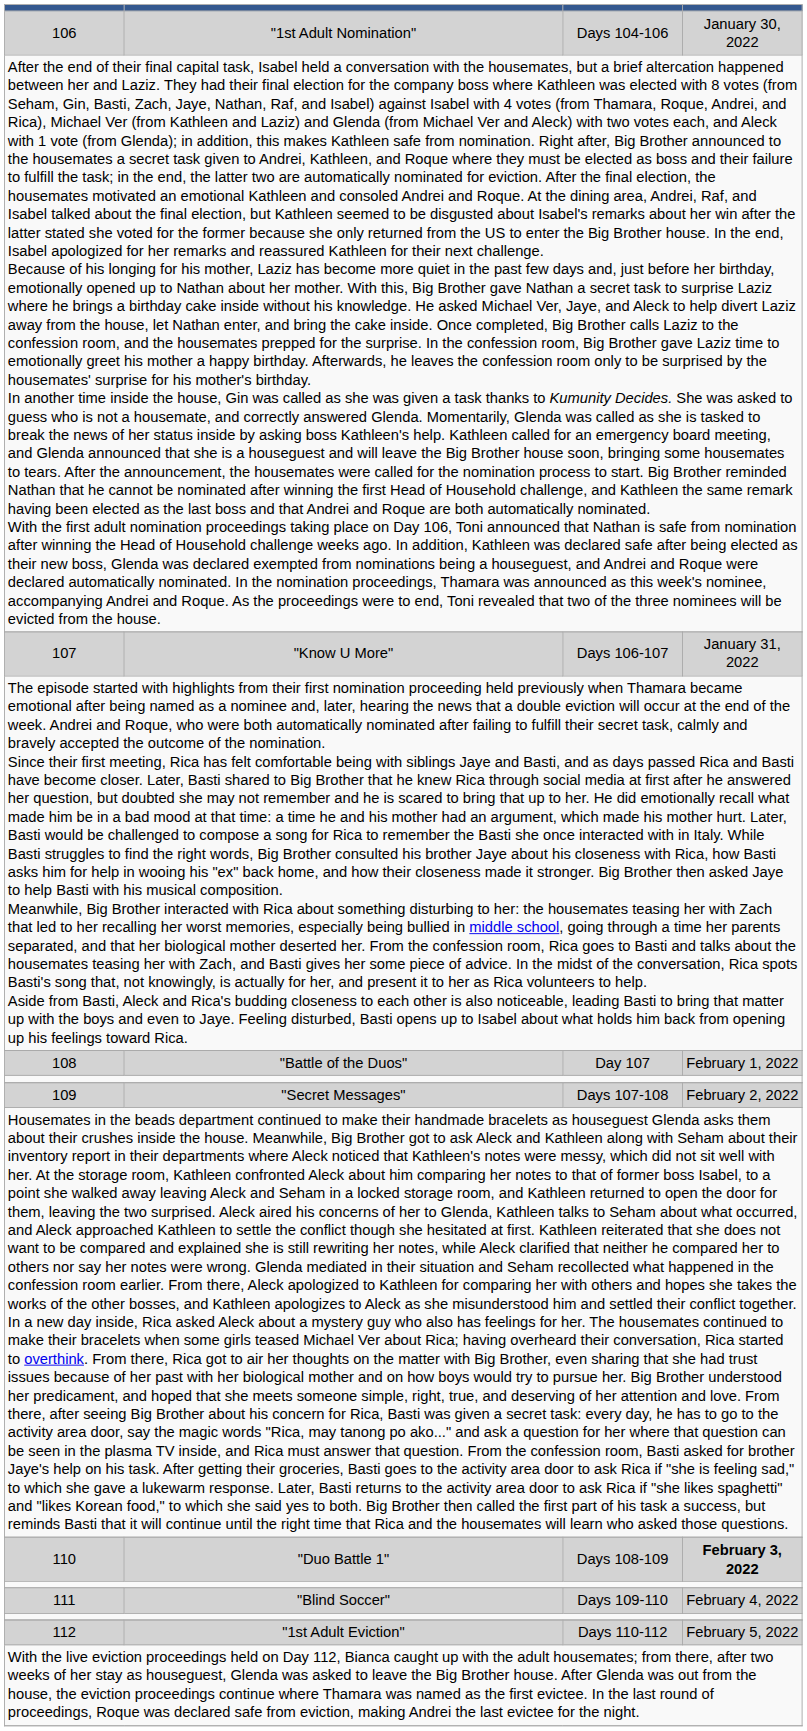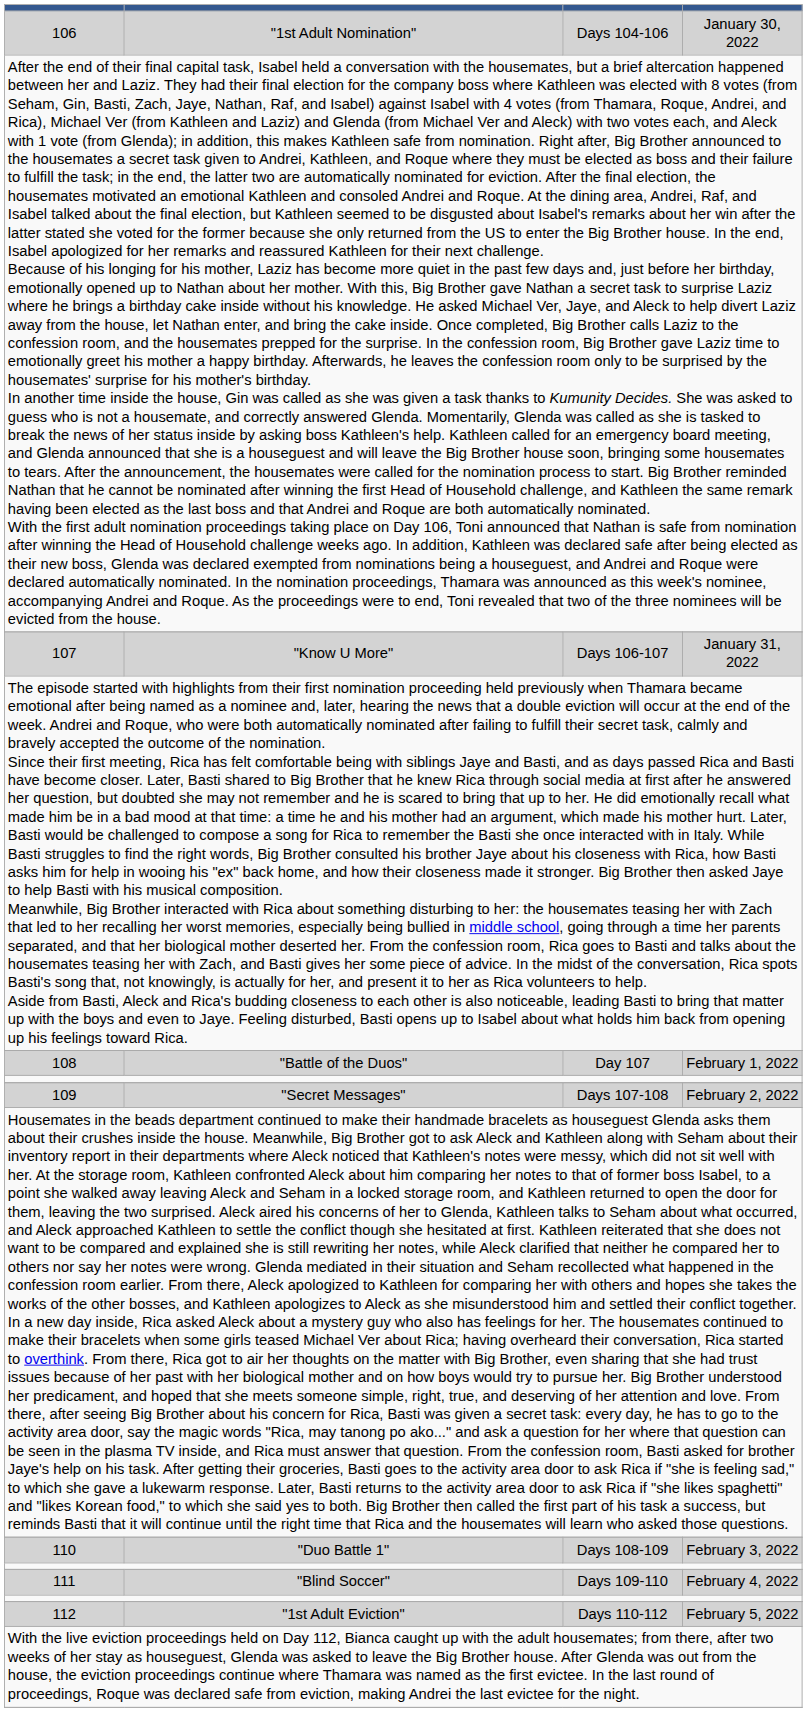 <table class="wikitable sortable" style="font-size:100%; line-height:20px; text-align:center">
 <tr>
 <th width="15%" style="background:#34588F"></th>
 <th width="55%" style="background:#34588F"></th>
 <th width="15%" style="background:#34588F"></th>
 <th width="15%" style="background:#34588F"></th>
 </tr>
 <tr style="background:lightgrey;">
 <td>106</td>
 <td>"1st Adult Nomination"</td>
 <td>Days 104-106</td>
 <td>January 30, 2022</td>
 </tr>
 <tr>
 <td colspan="4" align="left">After the end of their final capital task, Isabel held a conversation with the housemates, but a brief altercation happened between her and Laziz. They had their final election for the company boss where Kathleen was elected with 8 votes (from Seham, Gin, Basti, Zach, Jaye, Nathan, Raf, and Isabel) against Isabel with 4 votes (from Thamara, Roque, Andrei, and Rica), Michael Ver (from Kathleen and Laziz) and Glenda (from Michael Ver and Aleck) with two votes each, and Aleck with 1 vote (from Glenda); in addition, this makes Kathleen safe from nomination. Right after, Big Brother announced to the housemates a secret task given to Andrei, Kathleen, and Roque where they must be elected as boss and their failure to fulfill the task; in the end, the latter two are automatically nominated for eviction. After the final election, the housemates motivated an emotional Kathleen and consoled Andrei and Roque. At the dining area, Andrei, Raf, and Isabel talked about the final election, but Kathleen seemed to be disgusted about Isabel's remarks about her win after the latter stated she voted for the former because she only returned from the US to enter the Big Brother house. In the end, Isabel apologized for her remarks and reassured Kathleen for their next challenge.<br>Because of his longing for his mother, Laziz has become more quiet in the past few days and, just before her birthday, emotionally opened up to Nathan about her mother. With this, Big Brother gave Nathan a secret task to surprise Laziz where he brings a birthday cake inside without his knowledge. He asked Michael Ver, Jaye, and Aleck to help divert Laziz away from the house, let Nathan enter, and bring the cake inside. Once completed, Big Brother calls Laziz to the confession room, and the housemates prepped for the surprise. In the confession room, Big Brother gave Laziz time to emotionally greet his mother a happy birthday. Afterwards, he leaves the confession room only to be surprised by the housemates' surprise for his mother's birthday.<br>In another time inside the house, Gin was called as she was given a task thanks to <em>Kumunity Decides.</em> She was asked to guess who is not a housemate, and correctly answered Glenda. Momentarily, Glenda was called as she is tasked to break the news of her status inside by asking boss Kathleen's help. Kathleen called for an emergency board meeting, and Glenda announced that she is a houseguest and will leave the Big Brother house soon, bringing some housemates to tears. After the announcement, the housemates were called for the nomination process to start. Big Brother reminded Nathan that he cannot be nominated after winning the first Head of Household challenge, and Kathleen the same remark having been elected as the last boss and that Andrei and Roque are both automatically nominated.<br>With the first adult nomination proceedings taking place on Day 106, Toni announced that Nathan is safe from nomination after winning the Head of Household challenge weeks ago. In addition, Kathleen was declared safe after being elected as their new boss, Glenda was declared exempted from nominations being a houseguest, and Andrei and Roque were declared automatically nominated. In the nomination proceedings, Thamara was announced as this week's nominee, accompanying Andrei and Roque. As the proceedings were to end, Toni revealed that two of the three nominees will be evicted from the house.</td>
 </tr>
 <tr>
 </tr>
 <tr style="background:lightgrey;">
 <td>107</td>
 <td>"Know U More"</td>
 <td>Days 106-107</td>
 <td>January 31, 2022</td>
 </tr>
 <tr>
 <td colspan="4" align="left">The episode started with highlights from their first nomination proceeding held previously when Thamara became emotional after being named as a nominee and, later, hearing the news that a double eviction will occur at the end of the week. Andrei and Roque, who were both automatically nominated after failing to fulfill their secret task, calmly and bravely accepted the outcome of the nomination.<br>Since their first meeting, Rica has felt comfortable being with siblings Jaye and Basti, and as days passed Rica and Basti have become closer. Later, Basti shared to Big Brother that he knew Rica through social media at first after he answered her question, but doubted she may not remember and he is scared to bring that up to her. He did emotionally recall what made him be in a bad mood at that time: a time he and his mother had an argument, which made his mother hurt. Later, Basti would be challenged to compose a song for Rica to remember the Basti she once interacted with in Italy. While Basti struggles to find the right words, Big Brother consulted his brother Jaye about his closeness with Rica, how Basti asks him for help in wooing his "ex" back home, and how their closeness made it stronger. Big Brother then asked Jaye to help Basti with his musical composition.<br>Meanwhile, Big Brother interacted with Rica about something disturbing to her: the housemates teasing her with Zach that led to her recalling her worst memories, especially being bullied in <a href='#'>middle school</a>, going through a time her parents separated, and that her biological mother deserted her. From the confession room, Rica goes to Basti and talks about the housemates teasing her with Zach, and Basti gives her some piece of advice. In the midst of the conversation, Rica spots Basti's song that, not knowingly, is actually for her, and present it to her as Rica volunteers to help.<br>Aside from Basti, Aleck and Rica's budding closeness to each other is also noticeable, leading Basti to bring that matter up with the boys and even to Jaye. Feeling disturbed, Basti opens up to Isabel about what holds him back from opening up his feelings toward Rica.</td>
 </tr>
 <tr>
 </tr>
 <tr style="background:lightgrey;">
 <td>108</td>
 <td>"Battle of the Duos"</td>
 <td>Day 107</td>
 <td>February 1, 2022</td>
 </tr>
 <tr>
 <td colspan="4" align="left"></td>
 </tr>
 <tr>
 </tr>
 <tr style="background:lightgrey;">
 <td>109</td>
 <td>"Secret Messages"</td>
 <td>Days 107-108</td>
 <td>February 2, 2022</td>
 </tr>
 <tr>
 <td colspan="4" align="left">Housemates in the beads department continued to make their handmade bracelets as houseguest Glenda asks them about their crushes inside the house. Meanwhile, Big Brother got to ask Aleck and Kathleen along with Seham about their inventory report in their departments where Aleck noticed that Kathleen's notes were messy, which did not sit well with her. At the storage room, Kathleen confronted Aleck about him comparing her notes to that of former boss Isabel, to a point she walked away leaving Aleck and Seham in a locked storage room, and Kathleen returned to open the door for them, leaving the two surprised. Aleck aired his concerns of her to Glenda, Kathleen talks to Seham about what occurred, and Aleck approached Kathleen to settle the conflict though she hesitated at first. Kathleen reiterated that she does not want to be compared and explained she is still rewriting her notes, while Aleck clarified that neither he compared her to others nor say her notes were wrong. Glenda mediated in their situation and Seham recollected what happened in the confession room earlier. From there, Aleck apologized to Kathleen for comparing her with others and hopes she takes the works of the other bosses, and Kathleen apologizes to Aleck as she misunderstood him and settled their conflict together.<br>In a new day inside, Rica asked Aleck about a mystery guy who also has feelings for her. The housemates continued to make their bracelets when some girls teased Michael Ver about Rica; having overheard their conversation, Rica started to <a href='#'>overthink</a>. From there, Rica got to air her thoughts on the matter with Big Brother, even sharing that she had trust issues because of her past with her biological mother and on how boys would try to pursue her. Big Brother understood her predicament, and hoped that she meets someone simple, right, true, and deserving of her attention and love. From there, after seeing Big Brother about his concern for Rica, Basti was given a secret task: every day, he has to go to the activity area door, say the magic words "Rica, may tanong po ako..." and ask a question for her where that question can be seen in the plasma TV inside, and Rica must answer that question. From the confession room, Basti asked for brother Jaye's help on his task. After getting their groceries, Basti goes to the activity area door to ask Rica if "she is feeling sad," to which she gave a lukewarm response. Later, Basti returns to the activity area door to ask Rica if "she likes spaghetti" and "likes Korean food," to which she said yes to both. Big Brother then called the first part of his task a success, but reminds Basti that it will continue until the right time that Rica and the housemates will learn who asked those questions.</td>
 </tr>
 <tr>
 </tr>
 <tr style="background:lightgrey;">
 <td>110</td>
 <td>"Duo Battle 1"</td>
 <td>Days 108-109</td>
-<td><strong>February 3, 2022</strong></td>
+<td>February 3, 2022</td>
 </tr>
 <tr>
 <td colspan="4" align="left"></td>
 </tr>
 <tr>
 </tr>
 <tr style="background:lightgrey;">
 <td>111</td>
 <td>"Blind Soccer"</td>
 <td>Days 109-110</td>
 <td>February 4, 2022</td>
 </tr>
 <tr>
 <td colspan="4" align="left"></td>
 </tr>
 <tr>
 </tr>
 <tr style="background:lightgrey;">
 <td>112</td>
 <td>"1st Adult Eviction"</td>
 <td>Days 110-112</td>
 <td>February 5, 2022</td>
 </tr>
 <tr>
 <td colspan="4" align="left">With the live eviction proceedings held on Day 112, Bianca caught up with the adult housemates; from there, after two weeks of her stay as houseguest, Glenda was asked to leave the Big Brother house. After Glenda was out from the house, the eviction proceedings continue where Thamara was named as the first evictee. In the last round of proceedings, Roque was declared safe from eviction, making Andrei the last evictee for the night.</td>
 </tr>
 <tr>
 </tr>
 </table>
